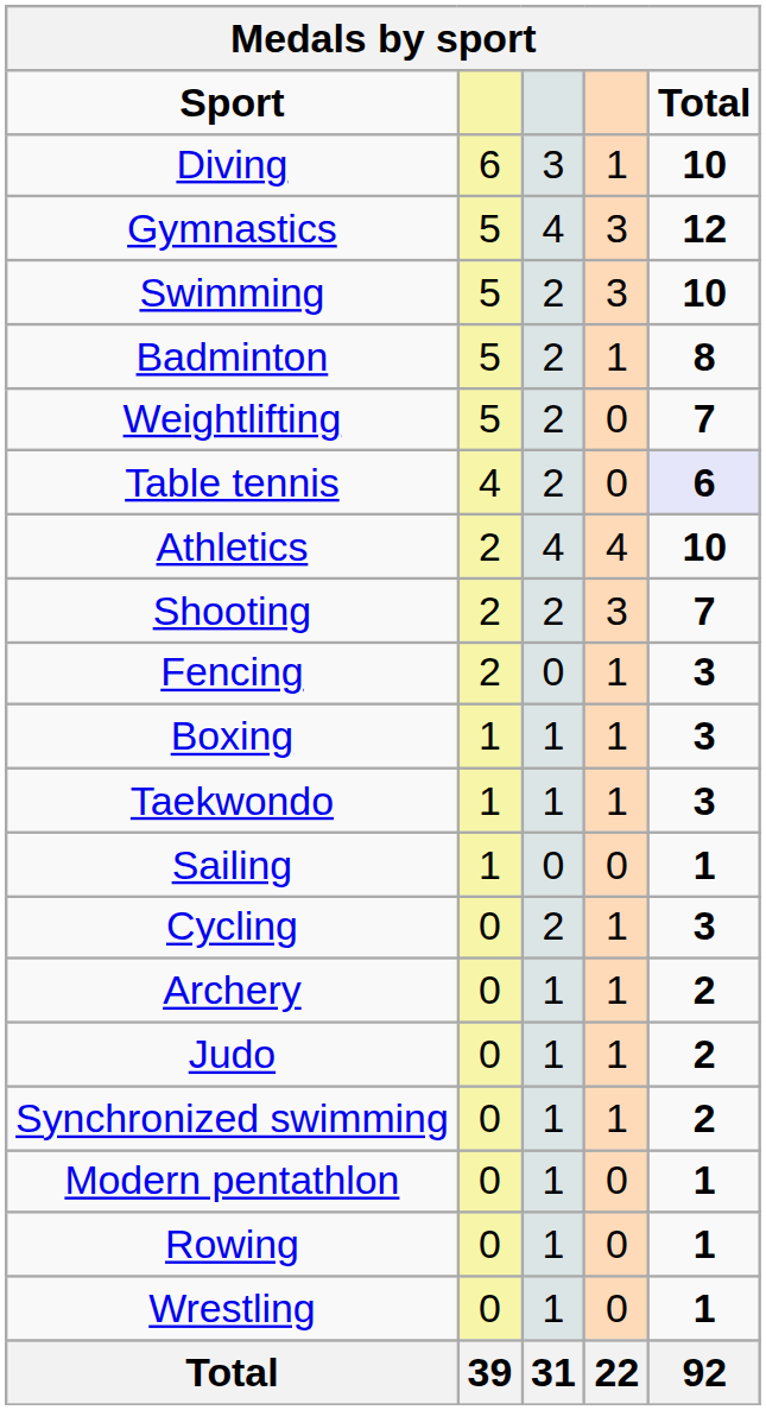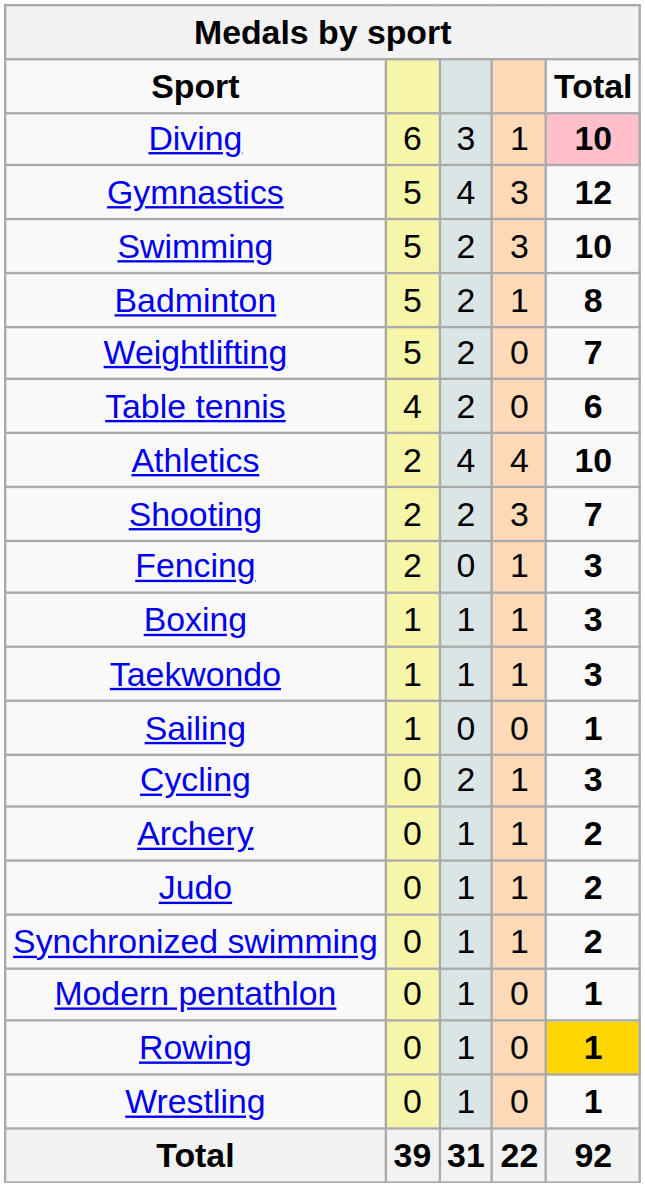 <table class="wikitable" style="font-size:90%">
 <tr style="background:#efefef;">
 <th colspan=5>Medals by sport</th>
 </tr>
 <tr align=center>
 <td><strong>Sport</strong></td>
 <td bgcolor=#F7F6A8></td>
 <td bgcolor=#DCE5E5></td>
 <td bgcolor=#FFDAB9></td>
 <td><strong>Total</strong></td>
 </tr>
 <tr align=center>
 <td><a href='#'>Diving</a></td>
 <td style="background:#F7F6A8;">6</td>
 <td style="background:#DCE5E5;">3</td>
 <td style="background:#FFDAB9;">1</td>
-<td><strong>10</strong></td>
+<td style="background: pink;"><strong>10</strong></td>
 </tr>
 <tr align=center>
 <td><a href='#'>Gymnastics</a></td>
 <td style="background:#F7F6A8;">5</td>
 <td style="background:#DCE5E5;">4</td>
 <td style="background:#FFDAB9;">3</td>
 <td><strong>12</strong></td>
 </tr>
 <tr align=center>
 <td><a href='#'>Swimming</a></td>
 <td style="background:#F7F6A8;">5</td>
 <td style="background:#DCE5E5;">2</td>
 <td style="background:#FFDAB9;">3</td>
 <td><strong>10</strong></td>
 </tr>
 <tr align=center>
 <td><a href='#'>Badminton</a></td>
 <td style="background:#F7F6A8;">5</td>
 <td style="background:#DCE5E5;">2</td>
 <td style="background:#FFDAB9;">1</td>
 <td><strong>8</strong></td>
 </tr>
 <tr align=center>
 <td><a href='#'>Weightlifting</a></td>
 <td style="background:#F7F6A8;">5</td>
 <td style="background:#DCE5E5;">2</td>
 <td style="background:#FFDAB9;">0</td>
 <td><strong>7</strong></td>
 </tr>
 <tr align=center>
 <td><a href='#'>Table tennis</a></td>
 <td style="background:#F7F6A8;">4</td>
 <td style="background:#DCE5E5;">2</td>
 <td style="background:#FFDAB9;">0</td>
-<td style="background: lavender;"><strong>6</strong></td>
+<td><strong>6</strong></td>
 </tr>
 <tr align=center>
 <td><a href='#'>Athletics</a></td>
 <td style="background:#F7F6A8;">2</td>
 <td style="background:#DCE5E5;">4</td>
 <td style="background:#FFDAB9;">4</td>
 <td><strong>10</strong></td>
 </tr>
 <tr align=center>
 <td><a href='#'>Shooting</a></td>
 <td style="background:#F7F6A8;">2</td>
 <td style="background:#DCE5E5;">2</td>
 <td style="background:#FFDAB9;">3</td>
 <td><strong>7</strong></td>
 </tr>
 <tr align=center>
 <td><a href='#'>Fencing</a></td>
 <td style="background:#F7F6A8;">2</td>
 <td style="background:#DCE5E5;">0</td>
 <td style="background:#FFDAB9;">1</td>
 <td><strong>3</strong></td>
 </tr>
 <tr align=center>
 <td><a href='#'>Boxing</a></td>
 <td style="background:#F7F6A8;">1</td>
 <td style="background:#DCE5E5;">1</td>
 <td style="background:#FFDAB9;">1</td>
 <td><strong>3</strong></td>
 </tr>
 <tr align=center>
 <td><a href='#'>Taekwondo</a></td>
 <td style="background:#F7F6A8;">1</td>
 <td style="background:#DCE5E5;">1</td>
 <td style="background:#FFDAB9;">1</td>
 <td><strong>3</strong></td>
 </tr>
 <tr align=center>
 <td><a href='#'>Sailing</a></td>
 <td style="background:#F7F6A8;">1</td>
 <td style="background:#DCE5E5;">0</td>
 <td style="background:#FFDAB9;">0</td>
 <td><strong>1</strong></td>
 </tr>
 <tr align=center>
 <td><a href='#'>Cycling</a></td>
 <td style="background:#F7F6A8;">0</td>
 <td style="background:#DCE5E5;">2</td>
 <td style="background:#FFDAB9;">1</td>
 <td><strong>3</strong></td>
 </tr>
 <tr align=center>
 <td><a href='#'>Archery</a></td>
 <td style="background:#F7F6A8;">0</td>
 <td style="background:#DCE5E5;">1</td>
 <td style="background:#FFDAB9;">1</td>
 <td><strong>2</strong></td>
 </tr>
 <tr align=center>
 <td><a href='#'>Judo</a></td>
 <td style="background:#F7F6A8;">0</td>
 <td style="background:#DCE5E5;">1</td>
 <td style="background:#FFDAB9;">1</td>
 <td><strong>2</strong></td>
 </tr>
 <tr align=center>
 <td><a href='#'>Synchronized swimming</a></td>
 <td style="background:#F7F6A8;">0</td>
 <td style="background:#DCE5E5;">1</td>
 <td style="background:#FFDAB9;">1</td>
 <td><strong>2</strong></td>
 </tr>
 <tr align=center>
 <td><a href='#'>Modern pentathlon</a></td>
 <td style="background:#F7F6A8;">0</td>
 <td style="background:#DCE5E5;">1</td>
 <td style="background:#FFDAB9;">0</td>
 <td><strong>1</strong></td>
 </tr>
 <tr align=center>
 <td><a href='#'>Rowing</a></td>
 <td style="background:#F7F6A8;">0</td>
 <td style="background:#DCE5E5;">1</td>
 <td style="background:#FFDAB9;">0</td>
-<td><strong>1</strong></td>
+<td style="background: gold;"><strong>1</strong></td>
 </tr>
 <tr align=center>
 <td><a href='#'>Wrestling</a></td>
 <td style="background:#F7F6A8;">0</td>
 <td style="background:#DCE5E5;">1</td>
 <td style="background:#FFDAB9;">0</td>
 <td><strong>1</strong></td>
 </tr>
 <tr style="text-align:center;">
 <th>Total</th>
 <th>39</th>
 <th>31</th>
 <th>22</th>
 <th>92</th>
 </tr>
 </table>
